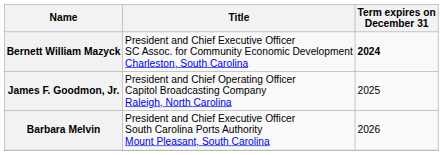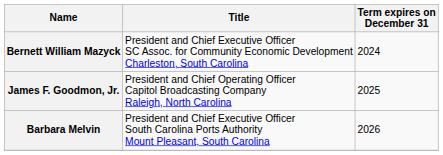 <table class="wikitable sortable">
 <tr>
 <th>Name</th>
 <th>Title</th>
 <th>Term expires on<br>December 31</th>
 </tr>
 <tr>
 <th>Bernett William Mazyck</th>
 <td>President and Chief Executive Officer<br>SC Assoc. for Community Economic Development<br><a href='#'>Charleston, South Carolina</a></td>
-<td><strong>2024</strong></td>
+<td>2024</td>
 </tr>
 <tr>
 <th>James F. Goodmon, Jr.</th>
 <td>President and Chief Operating Officer<br>Capitol Broadcasting Company<br><a href='#'>Raleigh, North Carolina</a></td>
 <td>2025</td>
 </tr>
 <tr>
 <th>Barbara Melvin</th>
 <td>President and Chief Executive Officer<br>South Carolina Ports Authority<br><a href='#'>Mount Pleasant, South Carolina</a></td>
 <td>2026</td>
 </tr>
 <tr>
 </tr>
 </table>
